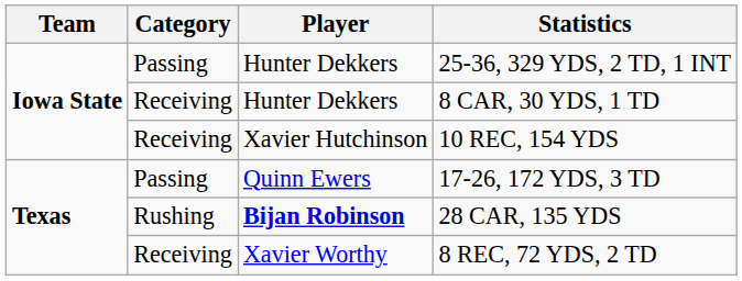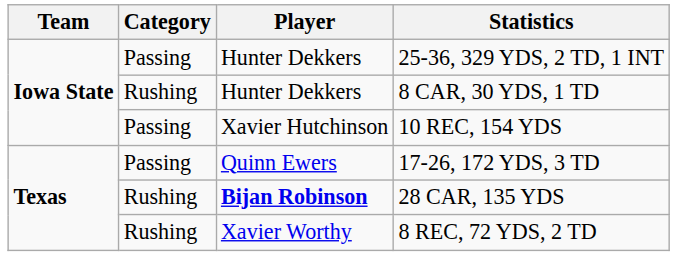 <table class="wikitable" style="float: right;">
 <tr>
 <th>Team</th>
 <th>Category</th>
 <th>Player</th>
 <th>Statistics</th>
 </tr>
 <tr>
 <td rowspan=3><strong>Iowa State</strong></td>
 <td>Passing</td>
 <td>Hunter Dekkers</td>
 <td>25-36, 329 YDS, 2 TD, 1 INT</td>
 </tr>
 <tr>
-<td>Receiving</td>
+<td>Rushing</td>
 <td>Hunter Dekkers</td>
 <td>8 CAR, 30 YDS, 1 TD</td>
 </tr>
 <tr>
-<td>Receiving</td>
+<td>Passing</td>
 <td>Xavier Hutchinson</td>
 <td>10 REC, 154 YDS</td>
 </tr>
 <tr>
 <td rowspan=3><strong>Texas</strong></td>
 <td>Passing</td>
 <td><a href='#'>Quinn Ewers</a></td>
 <td>17-26, 172 YDS, 3 TD</td>
 </tr>
 <tr>
 <td>Rushing</td>
 <td><strong><a href='#'>Bijan Robinson</a></strong></td>
 <td>28 CAR, 135 YDS</td>
 </tr>
 <tr>
-<td>Receiving</td>
+<td>Rushing</td>
 <td><a href='#'>Xavier Worthy</a></td>
 <td>8 REC, 72 YDS, 2 TD</td>
 </tr>
 </table>
